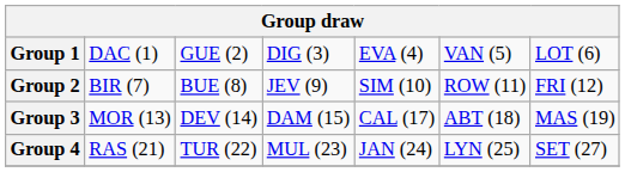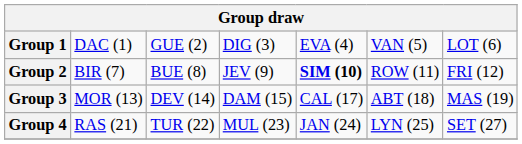 <table class="wikitable" style="text-align:center; font-size:85%">
 <tr>
 <th colspan="7">Group draw</th>
 </tr>
 <tr>
 <th>Group 1</th>
 <td align="left"> <a href='#'>DAC</a> (1)</td>
 <td align="left"> <a href='#'>GUE</a> (2)</td>
 <td align="left"> <a href='#'>DIG</a> (3)</td>
 <td align="left"> <a href='#'>EVA</a> (4)</td>
 <td align="left"> <a href='#'>VAN</a> (5)</td>
 <td align="left"> <a href='#'>LOT</a> (6)</td>
 </tr>
 <tr>
 <th>Group 2</th>
 <td align="left"> <a href='#'>BIR</a> (7)</td>
 <td align="left"> <a href='#'>BUE</a> (8)</td>
 <td align="left"> <a href='#'>JEV</a> (9)</td>
-<td align="left"> <a href='#'>SIM</a> (10)</td>
+<td align="left"><strong> <a href='#'>SIM</a> (10)</strong></td>
 <td align="left"> <a href='#'>ROW</a> (11)</td>
 <td align="left"> <a href='#'>FRI</a> (12)</td>
 </tr>
 <tr>
 <th>Group 3</th>
 <td align="left"> <a href='#'>MOR</a> (13)</td>
 <td align="left"> <a href='#'>DEV</a> (14)</td>
 <td align="left"> <a href='#'>DAM</a> (15)</td>
 <td align="left"> <a href='#'>CAL</a> (17)</td>
 <td align="left"> <a href='#'>ABT</a> (18)</td>
 <td align="left"> <a href='#'>MAS</a> (19)</td>
 </tr>
 <tr>
 <th>Group 4</th>
 <td align="left"> <a href='#'>RAS</a> (21)</td>
 <td align="left"> <a href='#'>TUR</a> (22)</td>
 <td align="left"> <a href='#'>MUL</a> (23)</td>
 <td align="left"> <a href='#'>JAN</a> (24)</td>
 <td align="left"> <a href='#'>LYN</a> (25)</td>
 <td align="left"> <a href='#'>SET</a> (27)</td>
 </tr>
 <tr>
 </tr>
 </table>
